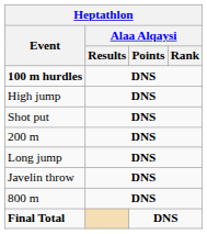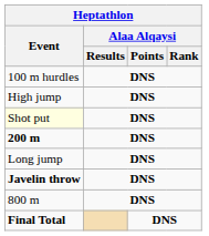 <table class=wikitable style="font-size:90%">
 <tr>
 <th colspan="8"><a href='#'>Heptathlon</a></th>
 </tr>
 <tr>
 <th rowspan=2>Event</th>
 <th colspan=3><a href='#'>Alaa Alqaysi</a></th>
 </tr>
 <tr>
 <th>Results</th>
 <th>Points</th>
 <th>Rank</th>
 </tr>
 <tr>
-<td><strong>100 m hurdles</strong></td>
+<td>100 m hurdles</td>
 <td align=center colspan=3><strong>DNS</strong></td>
 </tr>
 <tr>
 <td>High jump</td>
 <td align=center colspan=3><strong>DNS</strong></td>
 </tr>
 <tr>
-<td>Shot put</td>
+<td style="background: lightyellow;">Shot put</td>
 <td align=center colspan=3><strong>DNS</strong></td>
 </tr>
 <tr>
-<td>200 m</td>
+<td><strong>200 m</strong></td>
 <td align=center colspan=3><strong>DNS</strong></td>
 </tr>
 <tr>
 <td>Long jump</td>
 <td align=center colspan=3><strong>DNS</strong></td>
 </tr>
 <tr>
-<td>Javelin throw</td>
+<td><strong>Javelin throw</strong></td>
 <td align=center colspan=3><strong>DNS</strong></td>
 </tr>
 <tr>
 <td>800 m</td>
 <td align=center colspan=3><strong>DNS</strong></td>
 </tr>
 <tr>
 <td><strong>Final Total</strong></td>
 <td bgcolor=wheat></td>
 <td align=center colspan=2><strong>DNS</strong></td>
 </tr>
 </table>
